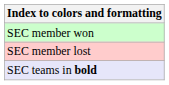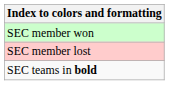 <table class="wikitable">
 <tr>
 <th>Index to colors and formatting</th>
 </tr>
 <tr style="background:#cfc;">
 <td>SEC member won</td>
 </tr>
 <tr style="background:#fcc;">
 <td>SEC member lost</td>
 </tr>
 <tr>
-<td style="background: lavender;">SEC teams in <strong>bold</strong></td>
+<td>SEC teams in <strong>bold</strong></td>
 </tr>
 </table>
